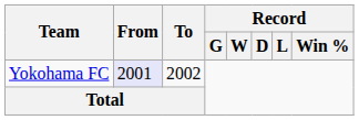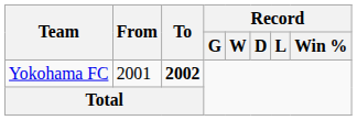 <table class="wikitable" style="text-align: center">
 <tr>
 <th rowspan="2">Team</th>
 <th rowspan="2">From</th>
 <th rowspan="2">To</th>
 <th colspan="5">Record</th>
 </tr>
 <tr>
 <th>G</th>
 <th>W</th>
 <th>D</th>
 <th>L</th>
 <th>Win %</th>
 </tr>
 <tr>
 <td align="left"><a href='#'>Yokohama FC</a></td>
-<td align="left" style="background: lavender;">2001</td>
-<td align="left">2002<br></td>
+<td align="left">2001</td>
+<td align="left"><strong>2002<br></strong></td>
 </tr>
 <tr>
 <th colspan="3">Total<br></th>
 </tr>
 </table>
